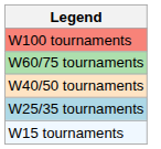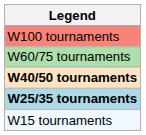 <table class=wikitable style="font-size:90%">
 <tr>
 <th>Legend</th>
 </tr>
 <tr style="background:#f88379;">
 <td>W100 tournaments</td>
 </tr>
 <tr style="background:#addfad;">
 <td>W60/75 tournaments</td>
 </tr>
 <tr style="background:#ffe4c4;">
-<td>W40/50 tournaments</td>
+<td><strong>W40/50 tournaments</strong></td>
 </tr>
 <tr style="background:lightblue;">
-<td>W25/35 tournaments</td>
+<td><strong>W25/35 tournaments</strong></td>
 </tr>
 <tr style="background:#f0f8ff;">
 <td>W15 tournaments</td>
 </tr>
 </table>
